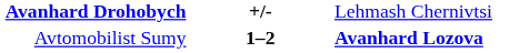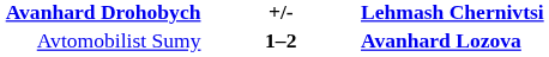 <table width=100% cellspacing=1>
 <tr>
 <th width=20%></th>
 <th width=12%></th>
 <th width=20%></th>
 <th></th>
 </tr>
 <tr style=font-size:90%>
 <td align=right><strong><a href='#'>Avanhard Drohobych</a></strong></td>
 <td align=center><strong>+/-</strong></td>
-<td><a href='#'>Lehmash Chernivtsi</a></td>
+<td><strong><a href='#'>Lehmash Chernivtsi</a></strong></td>
 </tr>
 <tr style=font-size:90%>
 <td align=right><a href='#'>Avtomobilist Sumy</a></td>
 <td align=center><strong>1–2</strong></td>
 <td><strong><a href='#'>Avanhard Lozova</a></strong></td>
 </tr>
 </table>
